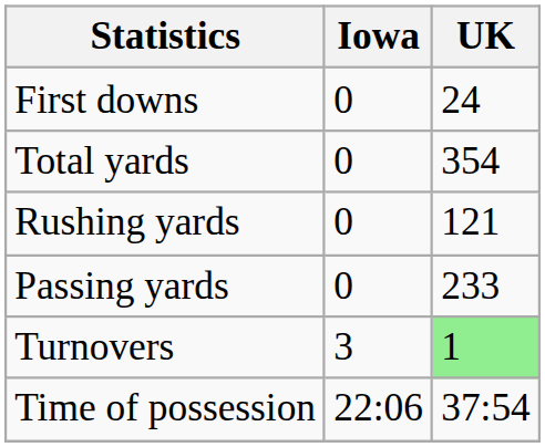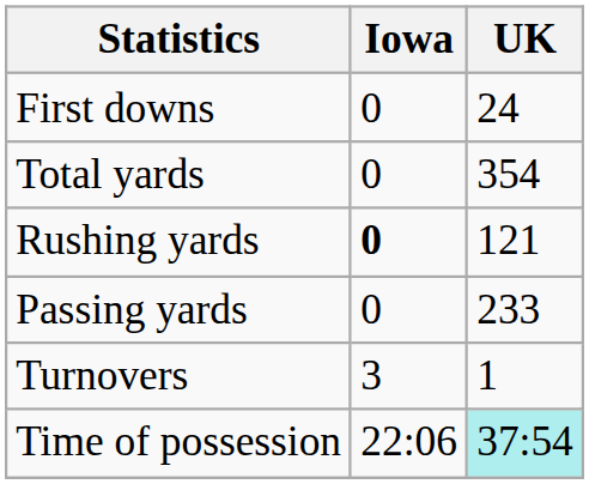 <table class="wikitable" style="float: left;">
 <tr>
 <th>Statistics</th>
 <th>Iowa</th>
 <th>UK</th>
 </tr>
 <tr>
 <td>First downs</td>
 <td>0</td>
 <td>24</td>
 </tr>
 <tr>
 <td>Total yards</td>
 <td>0</td>
 <td>354</td>
 </tr>
 <tr>
 <td>Rushing yards</td>
-<td>0</td>
+<td><strong>0</strong></td>
 <td>121</td>
 </tr>
 <tr>
 <td>Passing yards</td>
 <td>0</td>
 <td>233</td>
 </tr>
 <tr>
 <td>Turnovers</td>
 <td>3</td>
-<td style="background: lightgreen;">1</td>
+<td>1</td>
 </tr>
 <tr>
 <td>Time of possession</td>
 <td>22:06</td>
-<td>37:54</td>
+<td style="background: paleturquoise;">37:54</td>
 </tr>
 <tr>
 </tr>
 </table>
